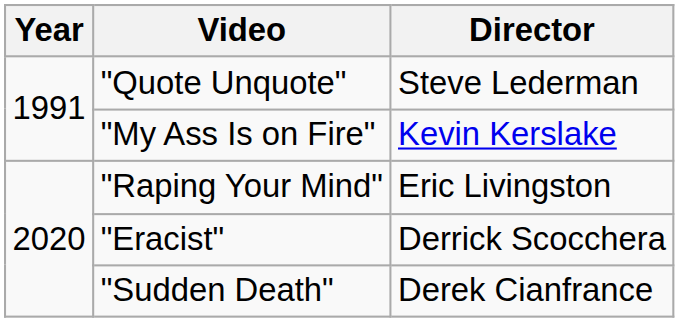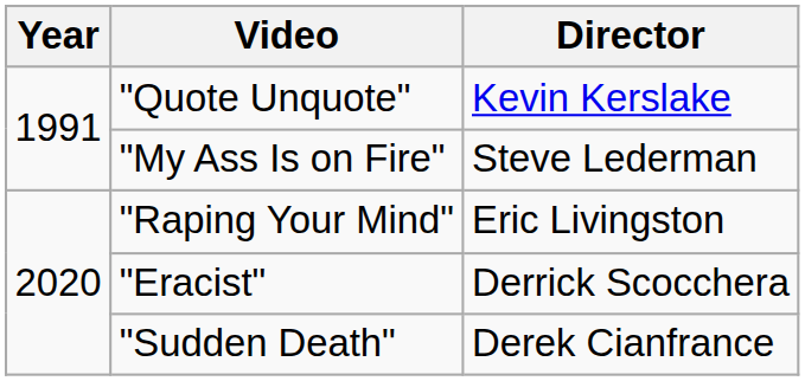 <table class="wikitable">
 <tr>
 <th>Year</th>
 <th>Video</th>
 <th>Director</th>
 </tr>
 <tr>
 <td rowspan="2">1991</td>
 <td>"Quote Unquote"</td>
-<td>Steve Lederman</td>
+<td><a href='#'>Kevin Kerslake</a></td>
 </tr>
 <tr>
 <td>"My Ass Is on Fire"</td>
-<td><a href='#'>Kevin Kerslake</a></td>
+<td>Steve Lederman</td>
 </tr>
 <tr>
 <td rowspan="3">2020</td>
 <td>"Raping Your Mind"</td>
 <td>Eric Livingston</td>
 </tr>
 <tr>
 <td>"Eracist"</td>
 <td>Derrick Scocchera</td>
 </tr>
 <tr>
 <td>"Sudden Death"</td>
 <td>Derek Cianfrance</td>
 </tr>
 </table>
